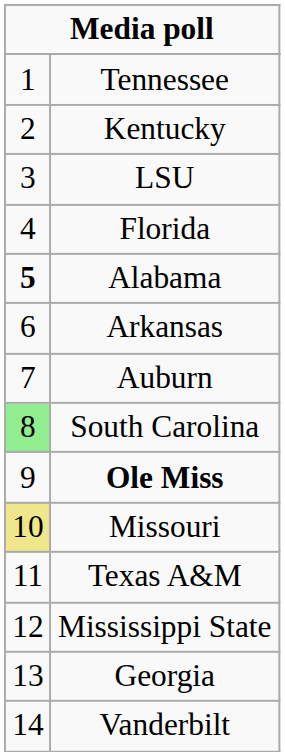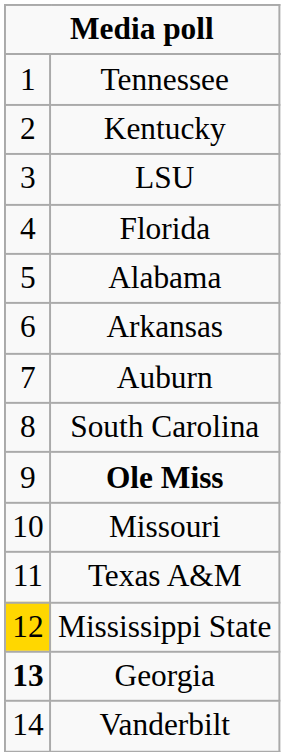 <table class="wikitable">
 <tr align="center">
 <td align="center" Colspan="3"><strong>Media poll</strong></td>
 </tr>
 <tr align="center">
 </tr>
 <tr align="center">
 <td>1</td>
 <td>Tennessee</td>
 </tr>
 <tr align="center">
 <td>2</td>
 <td>Kentucky</td>
 </tr>
 <tr align="center">
 <td>3</td>
 <td>LSU</td>
 </tr>
 <tr align="center">
 <td>4</td>
 <td>Florida</td>
 </tr>
 <tr align="center">
-<td><strong>5</strong></td>
+<td>5</td>
 <td>Alabama</td>
 </tr>
 <tr align="center">
 <td>6</td>
 <td>Arkansas</td>
 </tr>
 <tr align="center">
 <td>7</td>
 <td>Auburn</td>
 </tr>
 <tr align="center">
-<td style="background: lightgreen;">8</td>
+<td>8</td>
 <td>South Carolina</td>
 </tr>
 <tr align="center">
 <td>9</td>
 <td><strong>Ole Miss</strong></td>
 </tr>
 <tr align="center">
-<td style="background: khaki;">10</td>
+<td>10</td>
 <td>Missouri</td>
 </tr>
 <tr align="center">
 <td>11</td>
 <td>Texas A&M</td>
 </tr>
 <tr align="center">
-<td>12</td>
+<td style="background: gold;">12</td>
 <td>Mississippi State</td>
 </tr>
 <tr align="center">
-<td>13</td>
+<td><strong>13</strong></td>
 <td>Georgia</td>
 </tr>
 <tr align="center">
 <td>14</td>
 <td>Vanderbilt</td>
 </tr>
 </table>
